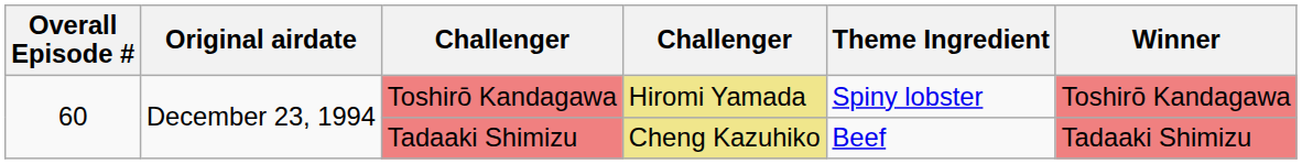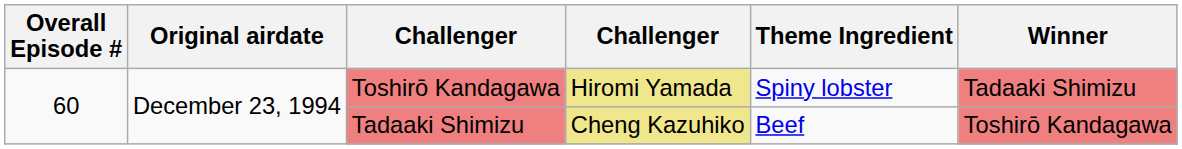 <table class="wikitable">
 <tr>
 <th>Overall<br>Episode #</th>
 <th>Original airdate</th>
 <th>Challenger</th>
 <th>Challenger</th>
 <th>Theme Ingredient</th>
 <th>Winner</th>
 </tr>
 <tr>
 <td align="center" rowspan=2>60</td>
 <td align="center" rowspan=2>December 23, 1994</td>
 <td bgcolor="lightcoral">Toshirō Kandagawa</td>
 <td bgcolor="khaki">Hiromi Yamada</td>
 <td><a href='#'>Spiny lobster</a></td>
-<td bgcolor="lightcoral">Toshirō Kandagawa</td>
+<td bgcolor="lightcoral">Tadaaki Shimizu</td>
 </tr>
 <tr>
 <td bgcolor="lightcoral">Tadaaki Shimizu</td>
 <td bgcolor="khaki">Cheng Kazuhiko</td>
 <td><a href='#'>Beef</a></td>
-<td bgcolor="lightcoral">Tadaaki Shimizu</td>
+<td bgcolor="lightcoral">Toshirō Kandagawa</td>
 </tr>
 </table>
